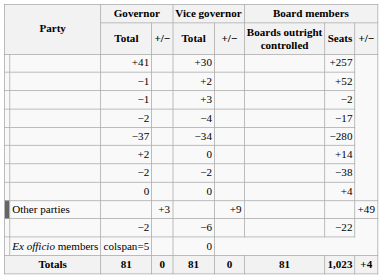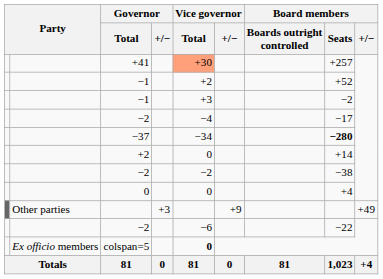 <table class="wikitable" style="text-align:right; font-size:90%;">
 <tr>
 <th colspan="2" rowspan="2">Party</th>
 <th colspan="2">Governor</th>
 <th colspan="2">Vice governor</th>
 <th colspan="3">Board members</th>
 </tr>
 <tr>
 <th>Total</th>
 <th>+/−</th>
 <th>Total</th>
 <th>+/−</th>
 <th>Boards outright<br>controlled</th>
 <th>Seats</th>
 <th>+/−</th>
 </tr>
 <tr>
 <td></td>
 <td></td>
 <td>+41</td>
 <td></td>
-<td>+30</td>
+<td style="background: lightsalmon;">+30</td>
 <td></td>
 <td></td>
 <td>+257</td>
 </tr>
 <tr>
 <td></td>
 <td></td>
 <td>−1</td>
 <td></td>
 <td>+2</td>
 <td></td>
 <td></td>
 <td>+52</td>
 </tr>
 <tr>
 <td></td>
 <td></td>
 <td>−1</td>
 <td></td>
 <td>+3</td>
 <td></td>
 <td></td>
 <td>−2</td>
 </tr>
 <tr>
 <td></td>
 <td></td>
 <td>−2</td>
 <td></td>
 <td>−4</td>
 <td></td>
 <td></td>
 <td>−17</td>
 </tr>
 <tr>
 <td></td>
 <td></td>
 <td>−37</td>
 <td></td>
 <td>−34</td>
 <td></td>
 <td></td>
-<td>−280</td>
+<td><strong>−280</strong></td>
 </tr>
 <tr>
 <td></td>
 <td></td>
 <td>+2</td>
 <td></td>
 <td>0</td>
 <td></td>
 <td></td>
 <td>+14</td>
 </tr>
 <tr>
 <td></td>
 <td></td>
 <td>−2</td>
 <td></td>
 <td>−2</td>
 <td></td>
 <td></td>
 <td>−38</td>
 </tr>
 <tr>
 <td></td>
 <td></td>
 <td>0</td>
 <td></td>
 <td>0</td>
 <td></td>
 <td></td>
 <td>+4</td>
 </tr>
 <tr>
 <td bgcolor=#666666></td>
 <td align="left">Other parties</td>
 <td></td>
 <td>+3</td>
 <td></td>
 <td>+9</td>
 <td></td>
 <td></td>
 <td>+49</td>
 </tr>
 <tr>
 <td></td>
 <td></td>
 <td>−2</td>
 <td></td>
 <td>−6</td>
 <td></td>
 <td></td>
 <td>−22</td>
 </tr>
 <tr>
 <td></td>
 <td align="left"><em>Ex officio</em> members</td>
 <td>colspan=5 </td>
 <td></td>
-<td>0</td>
+<td><strong>0</strong></td>
 </tr>
 <tr>
 <th colspan="2">Totals</th>
 <th>81</th>
 <th>0</th>
 <th>81</th>
 <th>0</th>
 <th>81</th>
 <th>1,023</th>
 <th>+4</th>
 </tr>
 </table>
